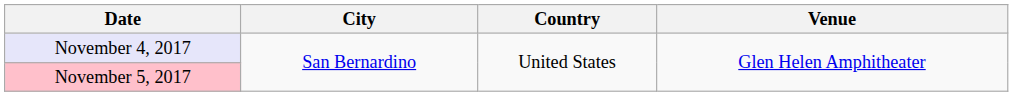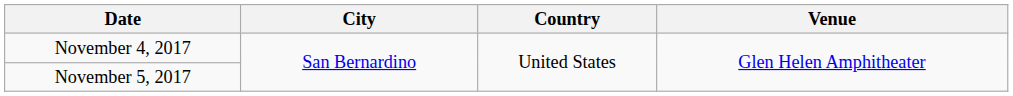 <table class="wikitable" style="text-align:center;">
 <tr>
 <th style="width:200px;">Date</th>
 <th style="width:200px;">City</th>
 <th style="width:150px;">Country</th>
 <th style="width:300px;">Venue</th>
 </tr>
 <tr>
-<td style="background: lavender;">November 4, 2017</td>
+<td>November 4, 2017</td>
 <td rowspan="2"><a href='#'>San Bernardino</a></td>
 <td rowspan="2">United States</td>
 <td rowspan="2"><a href='#'>Glen Helen Amphitheater</a></td>
 </tr>
 <tr>
-<td style="background: pink;">November 5, 2017</td>
+<td>November 5, 2017</td>
 </tr>
 </table>
